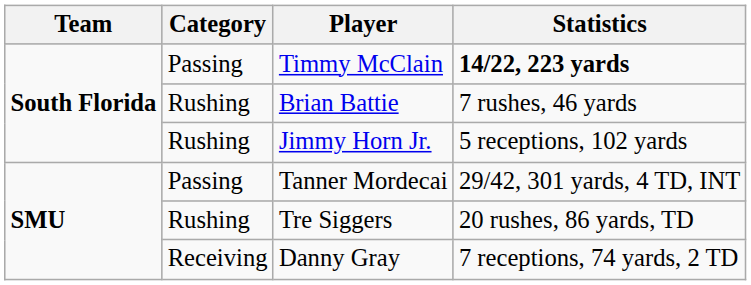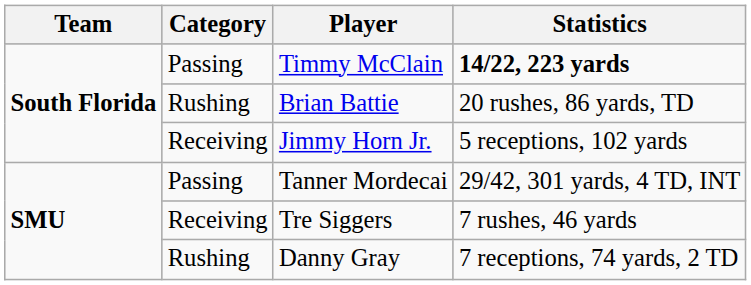 <table class="wikitable" style="float: left;">
 <tr>
 <th>Team</th>
 <th>Category</th>
 <th>Player</th>
 <th>Statistics</th>
 </tr>
 <tr>
 <td rowspan=3><strong>South Florida</strong></td>
 <td>Passing</td>
 <td><a href='#'>Timmy McClain</a></td>
 <td><strong>14/22, 223 yards</strong></td>
 </tr>
 <tr>
 <td>Rushing</td>
 <td><a href='#'>Brian Battie</a></td>
-<td>7 rushes, 46 yards</td>
+<td>20 rushes, 86 yards, TD</td>
 </tr>
 <tr>
-<td>Rushing</td>
+<td>Receiving</td>
 <td><a href='#'>Jimmy Horn Jr.</a></td>
 <td>5 receptions, 102 yards</td>
 </tr>
 <tr>
 <td rowspan=3><strong>SMU</strong></td>
 <td>Passing</td>
 <td>Tanner Mordecai</td>
 <td>29/42, 301 yards, 4 TD, INT</td>
 </tr>
 <tr>
-<td>Rushing</td>
+<td>Receiving</td>
 <td>Tre Siggers</td>
-<td>20 rushes, 86 yards, TD</td>
+<td>7 rushes, 46 yards</td>
 </tr>
 <tr>
-<td>Receiving</td>
+<td>Rushing</td>
 <td>Danny Gray</td>
 <td>7 receptions, 74 yards, 2 TD</td>
 </tr>
 </table>
